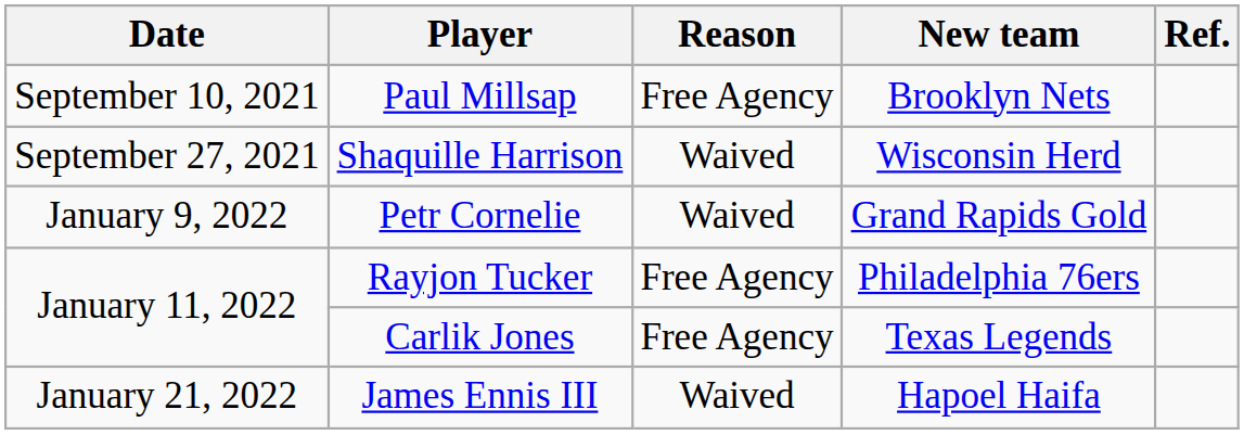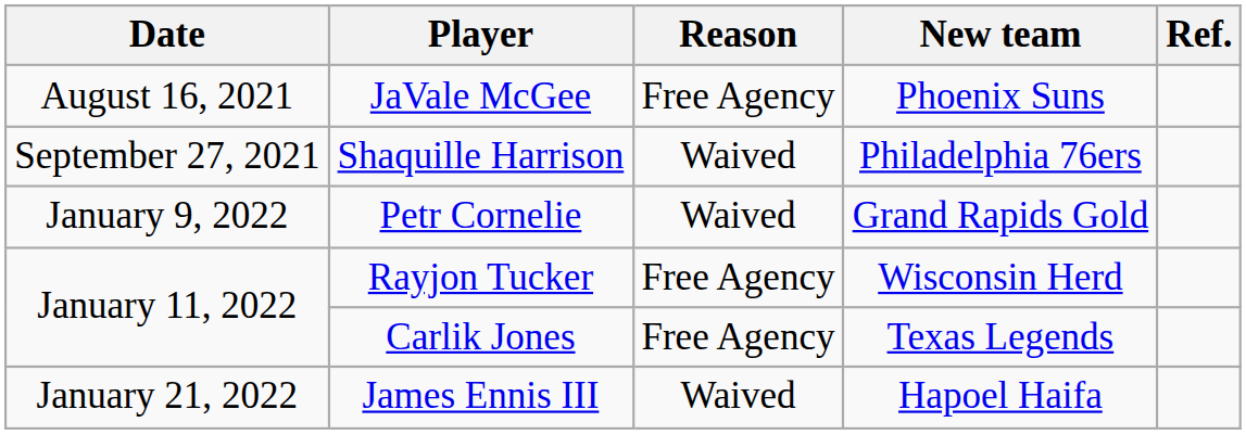 <table class="wikitable sortable sortable" style="text-align: center">
 <tr>
 <th>Date</th>
 <th>Player</th>
 <th>Reason</th>
 <th>New team</th>
 <th>Ref.</th>
 </tr>
 <tr>
-<td>September 10, 2021</td>
-<td><a href='#'>Paul Millsap</a></td>
+<td>August 16, 2021</td>
+<td><a href='#'>JaVale McGee</a></td>
 <td>Free Agency</td>
-<td><a href='#'>Brooklyn Nets</a></td>
+<td><a href='#'>Phoenix Suns</a></td>
 <td></td>
 </tr>
 <tr>
 <td>September 27, 2021</td>
 <td><a href='#'>Shaquille Harrison</a></td>
 <td>Waived</td>
-<td><a href='#'>Wisconsin Herd</a></td>
+<td><a href='#'>Philadelphia 76ers</a></td>
 <td></td>
 </tr>
 <tr>
 <td>January 9, 2022</td>
 <td><a href='#'>Petr Cornelie</a></td>
 <td>Waived</td>
 <td><a href='#'>Grand Rapids Gold</a></td>
 <td></td>
 </tr>
 <tr>
 <td rowspan="2">January 11, 2022</td>
 <td><a href='#'>Rayjon Tucker</a></td>
 <td>Free Agency</td>
-<td><a href='#'>Philadelphia 76ers</a></td>
+<td><a href='#'>Wisconsin Herd</a></td>
 <td></td>
 </tr>
 <tr>
 <td><a href='#'>Carlik Jones</a></td>
 <td>Free Agency</td>
 <td><a href='#'>Texas Legends</a></td>
 <td></td>
 </tr>
 <tr>
 <td>January 21, 2022</td>
 <td><a href='#'>James Ennis III</a></td>
 <td>Waived</td>
 <td> <a href='#'>Hapoel Haifa</a></td>
 </tr>
 </table>
